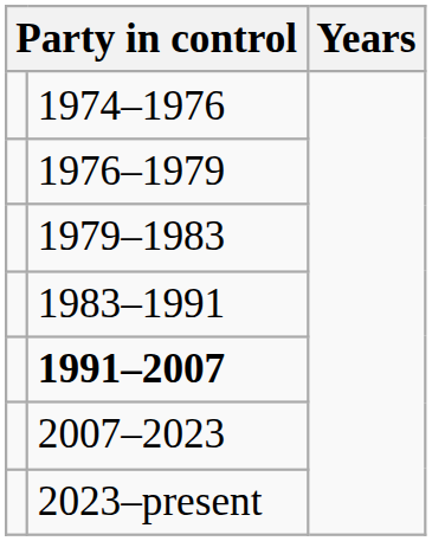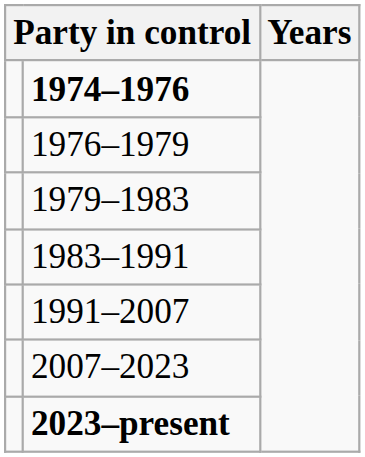 <table class="wikitable">
 <tr>
 <th colspan=2>Party in control</th>
 <th>Years</th>
 </tr>
 <tr>
 <td></td>
-<td>1974–1976</td>
+<td><strong>1974–1976</strong></td>
 </tr>
 <tr>
 <td></td>
 <td>1976–1979</td>
 </tr>
 <tr>
 <td></td>
 <td>1979–1983</td>
 </tr>
 <tr>
 <td></td>
 <td>1983–1991</td>
 </tr>
 <tr>
 <td></td>
-<td><strong>1991–2007</strong></td>
+<td>1991–2007</td>
 </tr>
 <tr>
 <td></td>
 <td>2007–2023</td>
 </tr>
 <tr>
 <td></td>
-<td>2023–present</td>
+<td><strong>2023–present</strong></td>
 </tr>
 </table>
